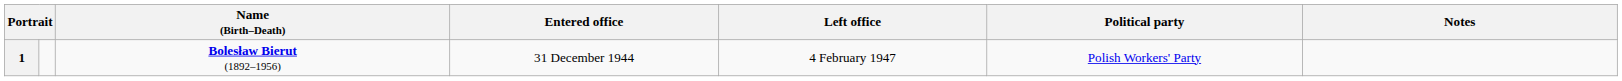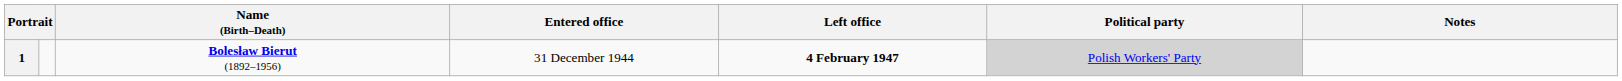 <table class="wikitable" style="text-align:center">
 <tr>
 <th colspan=2>Portrait</th>
 <th width=25%>Name<br><small>(Birth–Death)</small></th>
 <th width=17%>Entered office</th>
 <th width=17%>Left office</th>
 <th width=20%>Political party</th>
 <th width=20%>Notes</th>
 </tr>
 <tr>
 <th style="background:">1</th>
 <td></td>
 <td><strong><a href='#'>Bolesław Bierut</a></strong><br><small>(1892–1956)</small></td>
 <td>31 December 1944</td>
-<td>4 February 1947</td>
-<td><a href='#'>Polish Workers' Party</a></td>
+<td><strong>4 February 1947</strong></td>
+<td style="background: lightgrey;"><a href='#'>Polish Workers' Party</a></td>
 <td></td>
 </tr>
 </table>
